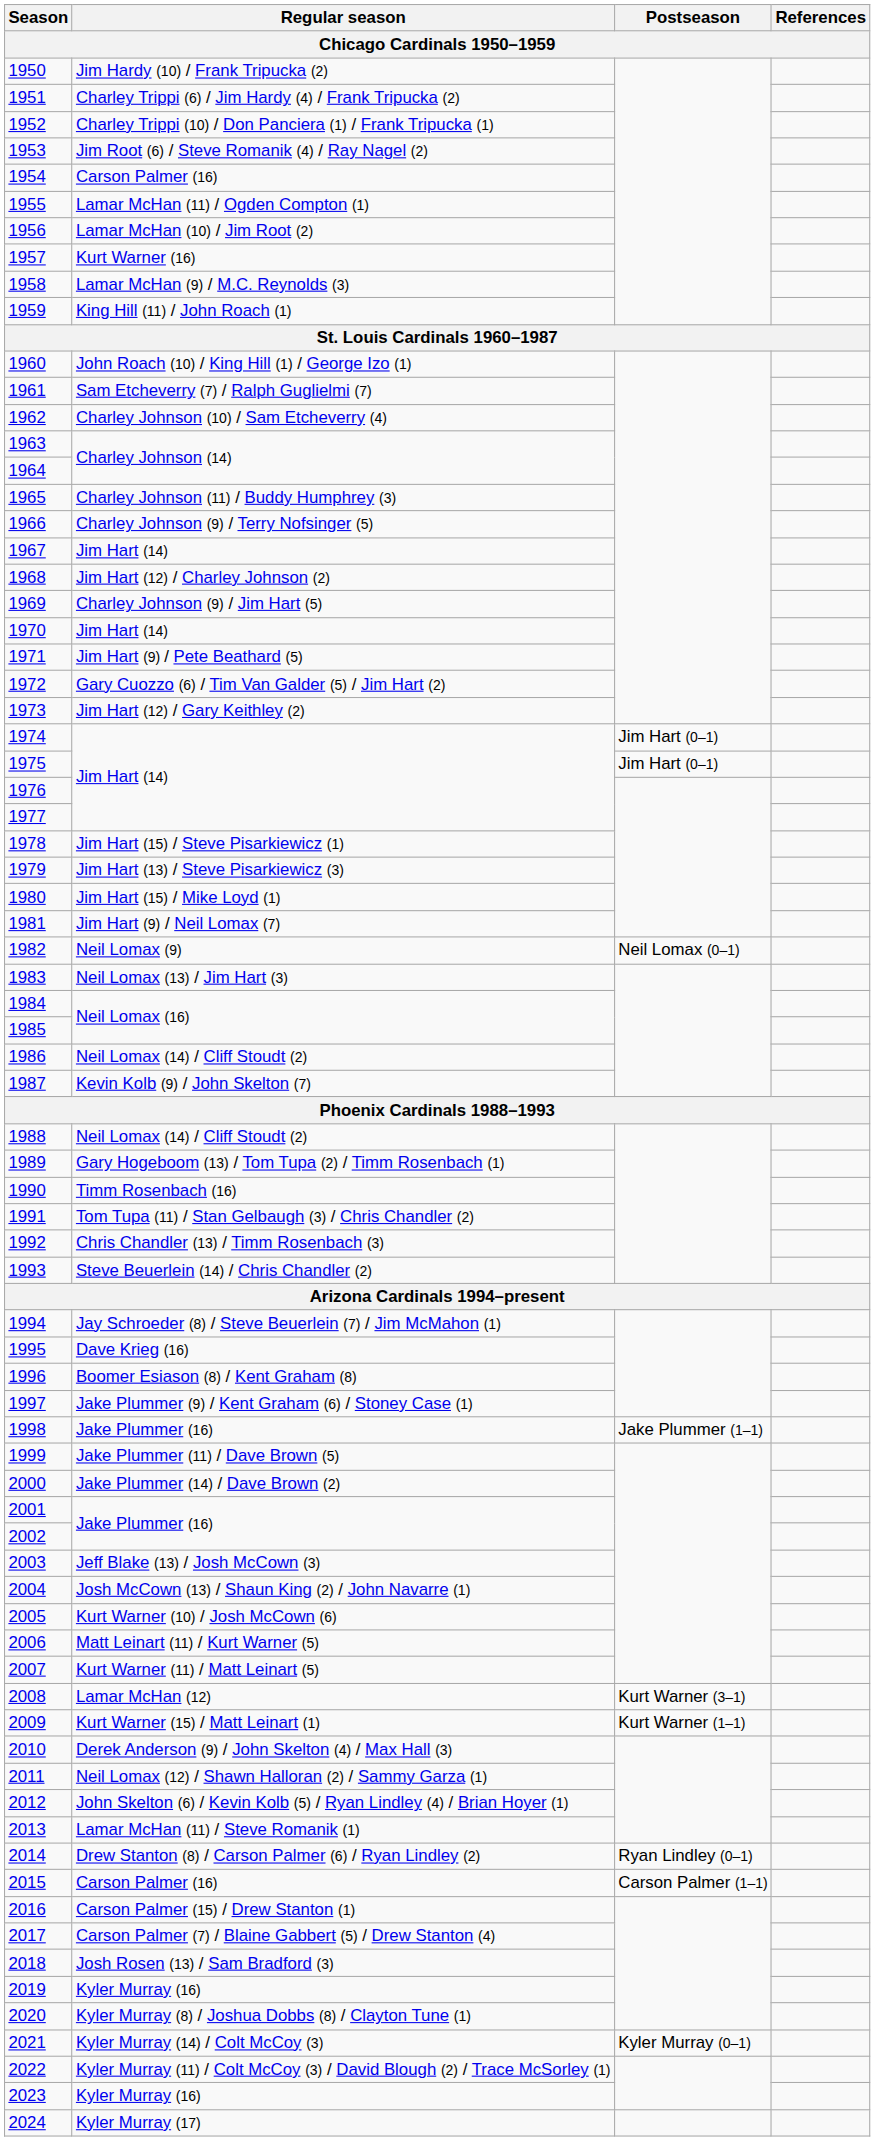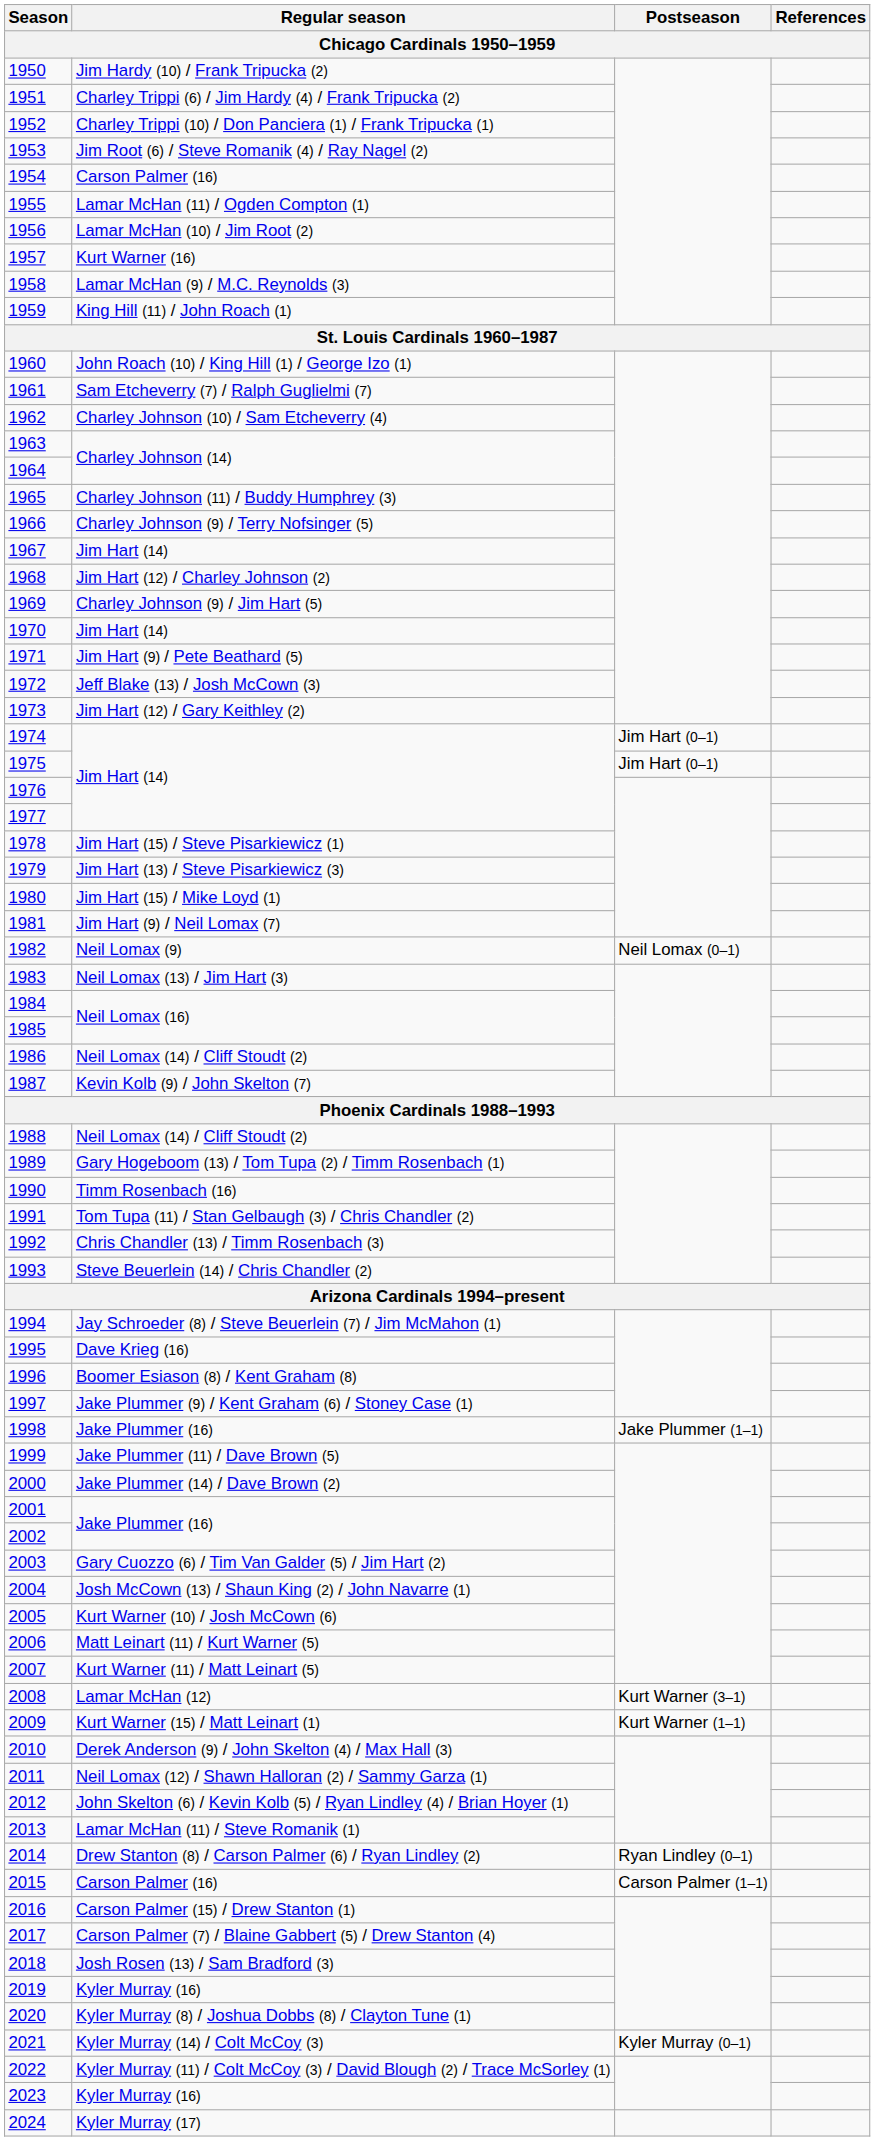 <table class="wikitable sortable">
 <tr>
 <th>Season</th>
 <th class="unsortable">Regular season</th>
 <th class="unsortable">Postseason</th>
 <th class="unsortable">References</th>
 </tr>
 <tr>
 <th colspan="5">Chicago Cardinals 1950–1959</th>
 </tr>
 <tr>
 <td align=left><a href='#'>1950</a></td>
 <td align=left><a href='#'>Jim Hardy</a> <small>(10)</small> / <a href='#'>Frank Tripucka</a> <small>(2)</small></td>
 <td rowspan="10"></td>
 <td align="center"></td>
 </tr>
 <tr>
 <td align=left><a href='#'>1951</a></td>
 <td align=left><a href='#'>Charley Trippi</a> <small>(6)</small> / <a href='#'>Jim Hardy</a> <small>(4)</small> / <a href='#'>Frank Tripucka</a> <small>(2)</small></td>
 <td align="center"></td>
 </tr>
 <tr>
 <td align=left><a href='#'>1952</a></td>
 <td align=left><a href='#'>Charley Trippi</a> <small>(10)</small> / <a href='#'>Don Panciera</a> <small>(1)</small> / <a href='#'>Frank Tripucka</a> <small>(1)</small></td>
 <td align="center"></td>
 </tr>
 <tr>
 <td align=left><a href='#'>1953</a></td>
 <td align=left><a href='#'>Jim Root</a> <small>(6)</small> / <a href='#'>Steve Romanik</a> <small>(4)</small> / <a href='#'>Ray Nagel</a> <small>(2)</small></td>
 <td align="center"></td>
 </tr>
 <tr>
 <td align=left><a href='#'>1954</a></td>
 <td align=left><a href='#'>Carson Palmer</a> <small>(16)</small></td>
 <td align="center"></td>
 </tr>
 <tr>
 <td align=left><a href='#'>1955</a></td>
 <td align=left><a href='#'>Lamar McHan</a> <small>(11)</small> / <a href='#'>Ogden Compton</a> <small>(1)</small></td>
 <td align="center"></td>
 </tr>
 <tr>
 <td align=left><a href='#'>1956</a></td>
 <td align=left><a href='#'>Lamar McHan</a> <small>(10)</small> / <a href='#'>Jim Root</a> <small>(2)</small></td>
 <td align="center"></td>
 </tr>
 <tr>
 <td align=left><a href='#'>1957</a></td>
 <td align=left><a href='#'>Kurt Warner</a> <small>(16)</small></td>
 <td align="center"></td>
 </tr>
 <tr>
 <td align=left><a href='#'>1958</a></td>
 <td align=left><a href='#'>Lamar McHan</a> <small>(9)</small> / <a href='#'>M.C. Reynolds</a> <small>(3)</small></td>
 <td align="center"></td>
 </tr>
 <tr>
 <td align=left><a href='#'>1959</a></td>
 <td align=left><a href='#'>King Hill</a> <small>(11)</small> / <a href='#'>John Roach</a> <small>(1)</small></td>
 <td align="center"></td>
 </tr>
 <tr>
 <th colspan="5">St. Louis Cardinals 1960–1987</th>
 </tr>
 <tr>
 <td align=left><a href='#'>1960</a></td>
 <td align=left><a href='#'>John Roach</a> <small>(10)</small> / <a href='#'>King Hill</a> <small>(1)</small> / <a href='#'>George Izo</a> <small>(1)</small></td>
 <td rowspan="14"></td>
 <td align="center"></td>
 </tr>
 <tr>
 <td align=left><a href='#'>1961</a></td>
 <td align=left><a href='#'>Sam Etcheverry</a> <small>(7)</small> / <a href='#'>Ralph Guglielmi</a> <small>(7)</small></td>
 <td align="center"></td>
 </tr>
 <tr>
 <td align=left><a href='#'>1962</a></td>
 <td align=left><a href='#'>Charley Johnson</a> <small>(10)</small> / <a href='#'>Sam Etcheverry</a> <small>(4)</small></td>
 <td align="center"></td>
 </tr>
 <tr>
 <td align=left><a href='#'>1963</a></td>
 <td rowspan="2" align="left"><a href='#'>Charley Johnson</a> <small>(14)</small></td>
 <td align="center"></td>
 </tr>
 <tr>
 <td align=left><a href='#'>1964</a></td>
 <td align="center"></td>
 </tr>
 <tr>
 <td align=left><a href='#'>1965</a></td>
 <td align=left><a href='#'>Charley Johnson</a> <small>(11)</small> / <a href='#'>Buddy Humphrey</a> <small>(3)</small></td>
 <td align="center"></td>
 </tr>
 <tr>
 <td align=left><a href='#'>1966</a></td>
 <td align=left><a href='#'>Charley Johnson</a> <small>(9)</small> / <a href='#'>Terry Nofsinger</a> <small>(5)</small></td>
 <td align="center"></td>
 </tr>
 <tr>
 <td align=left><a href='#'>1967</a></td>
 <td align=left><a href='#'>Jim Hart</a> <small>(14)</small></td>
 <td align="center"></td>
 </tr>
 <tr>
 <td align=left><a href='#'>1968</a></td>
 <td align=left><a href='#'>Jim Hart</a> <small>(12)</small> / <a href='#'>Charley Johnson</a> <small>(2)</small></td>
 <td align="center"></td>
 </tr>
 <tr>
 <td align=left><a href='#'>1969</a></td>
 <td align=left><a href='#'>Charley Johnson</a> <small>(9)</small> / <a href='#'>Jim Hart</a> <small>(5)</small></td>
 <td align="center"></td>
 </tr>
 <tr>
 <td align=left><a href='#'>1970</a></td>
 <td align=left><a href='#'>Jim Hart</a> <small>(14)</small></td>
 <td align="center"></td>
 </tr>
 <tr>
 <td align=left><a href='#'>1971</a></td>
 <td align=left><a href='#'>Jim Hart</a> <small>(9) </small> / <a href='#'>Pete Beathard</a> <small>(5)</small></td>
 <td align="center"></td>
 </tr>
 <tr>
 <td align=left><a href='#'>1972</a></td>
-<td align=left><a href='#'>Gary Cuozzo</a> <small>(6)</small> / <a href='#'>Tim Van Galder</a> <small>(5)</small> / <a href='#'>Jim Hart</a> <small>(2)</small></td>
+<td align=left><a href='#'>Jeff Blake</a> <small>(13)</small> / <a href='#'>Josh McCown</a> <small>(3)</small></td>
 <td align="center"></td>
 </tr>
 <tr>
 <td align=left><a href='#'>1973</a></td>
 <td align=left><a href='#'>Jim Hart</a> <small>(12)</small> / <a href='#'>Gary Keithley</a> <small>(2)</small></td>
 <td align="center"></td>
 </tr>
 <tr>
 <td align=left><a href='#'>1974</a></td>
 <td rowspan="4" align="left"><a href='#'>Jim Hart</a> <small>(14)</small></td>
 <td>Jim Hart <small>(0–1)</small></td>
 <td align="center"></td>
 </tr>
 <tr>
 <td align=left><a href='#'>1975</a></td>
 <td>Jim Hart <small>(0–1)</small></td>
 <td align="center"></td>
 </tr>
 <tr>
 <td align=left><a href='#'>1976</a></td>
 <td rowspan="6"></td>
 <td align="center"></td>
 </tr>
 <tr>
 <td align=left><a href='#'>1977</a></td>
 <td align="center"></td>
 </tr>
 <tr>
 <td align=left><a href='#'>1978</a></td>
 <td align=left><a href='#'>Jim Hart</a> <small>(15)</small> / <a href='#'>Steve Pisarkiewicz</a> <small>(1)</small></td>
 <td align="center"></td>
 </tr>
 <tr>
 <td align=left><a href='#'>1979</a></td>
 <td align=left><a href='#'>Jim Hart</a> <small>(13)</small> / <a href='#'>Steve Pisarkiewicz</a> <small>(3)</small></td>
 <td align="center"></td>
 </tr>
 <tr>
 <td align=left><a href='#'>1980</a></td>
 <td align=left><a href='#'>Jim Hart</a> <small>(15)</small> / <a href='#'>Mike Loyd</a> <small>(1)</small></td>
 <td align="center"></td>
 </tr>
 <tr>
 <td align=left><a href='#'>1981</a></td>
 <td align=left><a href='#'>Jim Hart</a> <small>(9)</small> / <a href='#'>Neil Lomax</a> <small>(7)</small></td>
 <td align="center"></td>
 </tr>
 <tr>
 <td align=left><a href='#'>1982</a></td>
 <td align=left><a href='#'>Neil Lomax</a> <small>(9)</small></td>
 <td>Neil Lomax <small>(0–1)</small></td>
 <td align="center"></td>
 </tr>
 <tr>
 <td align=left><a href='#'>1983</a></td>
 <td align=left><a href='#'>Neil Lomax</a> <small>(13)</small> / <a href='#'>Jim Hart</a> <small>(3)</small></td>
 <td rowspan="5"></td>
 <td align="center"></td>
 </tr>
 <tr>
 <td align=left><a href='#'>1984</a></td>
 <td rowspan="2" align="left"><a href='#'>Neil Lomax</a> <small>(16)</small></td>
 <td align="center"></td>
 </tr>
 <tr>
 <td align=left><a href='#'>1985</a></td>
 <td align="center"></td>
 </tr>
 <tr>
 <td align=left><a href='#'>1986</a></td>
 <td align=left><a href='#'>Neil Lomax</a> <small>(14)</small> / <a href='#'>Cliff Stoudt</a> <small>(2)</small></td>
 <td align="center"></td>
 </tr>
 <tr>
 <td align=left><a href='#'>1987</a></td>
 <td align=left><a href='#'>Kevin Kolb</a> <small>(9)</small> / <a href='#'>John Skelton</a> <small>(7)</small></td>
 <td align="center"></td>
 </tr>
 <tr>
 <th colspan="5">Phoenix Cardinals 1988–1993</th>
 </tr>
 <tr>
 <td align=left><a href='#'>1988</a></td>
 <td align=left><a href='#'>Neil Lomax</a> <small>(14)</small> / <a href='#'>Cliff Stoudt</a> <small>(2)</small></td>
 <td rowspan="6"></td>
 <td align="center"></td>
 </tr>
 <tr>
 <td align=left><a href='#'>1989</a></td>
 <td align=left><a href='#'>Gary Hogeboom</a> <small>(13)</small> / <a href='#'>Tom Tupa</a> <small>(2)</small> / <a href='#'>Timm Rosenbach</a> <small>(1)</small></td>
 <td align="center"></td>
 </tr>
 <tr>
 <td align=left><a href='#'>1990</a></td>
 <td align=left><a href='#'>Timm Rosenbach</a> <small>(16)</small></td>
 <td align="center"></td>
 </tr>
 <tr>
 <td align=left><a href='#'>1991</a></td>
 <td align=left><a href='#'>Tom Tupa</a> <small>(11)</small> / <a href='#'>Stan Gelbaugh</a> <small>(3)</small> / <a href='#'>Chris Chandler</a> <small>(2)</small></td>
 <td align="center"></td>
 </tr>
 <tr>
 <td align=left><a href='#'>1992</a></td>
 <td align=left><a href='#'>Chris Chandler</a> <small>(13)</small> / <a href='#'>Timm Rosenbach</a> <small>(3)</small></td>
 <td align="center"></td>
 </tr>
 <tr>
 <td align=left><a href='#'>1993</a></td>
 <td align=left><a href='#'>Steve Beuerlein</a> <small>(14)</small> / <a href='#'>Chris Chandler</a> <small>(2)</small></td>
 <td align="center"></td>
 </tr>
 <tr>
 <th colspan="5">Arizona Cardinals 1994–present</th>
 </tr>
 <tr>
 <td align=left><a href='#'>1994</a></td>
 <td align=left><a href='#'>Jay Schroeder</a> <small>(8)</small> / <a href='#'>Steve Beuerlein</a> <small>(7)</small> / <a href='#'>Jim McMahon</a> <small>(1)</small></td>
 <td rowspan="4"></td>
 <td align="center"></td>
 </tr>
 <tr>
 <td align=left><a href='#'>1995</a></td>
 <td align=left><a href='#'>Dave Krieg</a> <small>(16)</small></td>
 <td align="center"></td>
 </tr>
 <tr>
 <td align=left><a href='#'>1996</a></td>
 <td align=left><a href='#'>Boomer Esiason</a> <small>(8)</small> / <a href='#'>Kent Graham</a> <small> (8)</small></td>
 <td align="center"></td>
 </tr>
 <tr>
 <td align=left><a href='#'>1997</a></td>
 <td align=left><a href='#'>Jake Plummer</a> <small>(9)</small> / <a href='#'>Kent Graham</a> <small>(6)</small> / <a href='#'>Stoney Case</a> <small>(1)</small></td>
 <td align="center"></td>
 </tr>
 <tr>
 <td align=left><a href='#'>1998</a></td>
 <td align=left><a href='#'>Jake Plummer</a> <small>(16)</small></td>
 <td>Jake Plummer <small>(1–1)</small></td>
 <td align="center"></td>
 </tr>
 <tr>
 <td align=left><a href='#'>1999</a></td>
 <td align=left><a href='#'>Jake Plummer</a> <small>(11)</small> / <a href='#'>Dave Brown</a> <small>(5)</small></td>
 <td rowspan="9"></td>
 <td align="center"></td>
 </tr>
 <tr>
 <td align=left><a href='#'>2000</a></td>
 <td align=left><a href='#'>Jake Plummer</a> <small>(14)</small> / <a href='#'>Dave Brown</a> <small>(2)</small></td>
 <td align="center"></td>
 </tr>
 <tr>
 <td align=left><a href='#'>2001</a></td>
 <td rowspan="2" align="left"><a href='#'>Jake Plummer</a> <small>(16)</small></td>
 <td align="center"></td>
 </tr>
 <tr>
 <td align=left><a href='#'>2002</a></td>
 <td align="center"></td>
 </tr>
 <tr>
 <td align=left><a href='#'>2003</a></td>
-<td align=left><a href='#'>Jeff Blake</a> <small>(13)</small> / <a href='#'>Josh McCown</a> <small>(3)</small></td>
+<td align=left><a href='#'>Gary Cuozzo</a> <small>(6)</small> / <a href='#'>Tim Van Galder</a> <small>(5)</small> / <a href='#'>Jim Hart</a> <small>(2)</small></td>
 <td align="center"></td>
 </tr>
 <tr>
 <td align=left><a href='#'>2004</a></td>
 <td align=left><a href='#'>Josh McCown</a> <small>(13)</small> / <a href='#'>Shaun King</a> <small>(2)</small> / <a href='#'>John Navarre</a> <small>(1)</small></td>
 <td align="center"></td>
 </tr>
 <tr>
 <td align=left><a href='#'>2005</a></td>
 <td align=left><a href='#'>Kurt Warner</a> <small>(10)</small> / <a href='#'>Josh McCown</a> <small>(6)</small></td>
 <td align="center"></td>
 </tr>
 <tr>
 <td align=left><a href='#'>2006</a></td>
 <td align=left><a href='#'>Matt Leinart</a> <small>(11)</small> / <a href='#'>Kurt Warner</a> <small>(5)</small></td>
 <td align="center"></td>
 </tr>
 <tr>
 <td align=left><a href='#'>2007</a></td>
 <td align=left><a href='#'>Kurt Warner</a> <small>(11)</small> / <a href='#'>Matt Leinart</a> <small>(5)</small></td>
 <td align="center"></td>
 </tr>
 <tr>
 <td align=left><a href='#'>2008</a></td>
 <td align=left><a href='#'>Lamar McHan</a> <small>(12)</small></td>
 <td>Kurt Warner <small>(3–1)</small></td>
 <td align="center"></td>
 </tr>
 <tr>
 <td align=left><a href='#'>2009</a></td>
 <td align=left><a href='#'>Kurt Warner</a> <small>(15)</small> / <a href='#'>Matt Leinart</a> <small>(1)</small></td>
 <td>Kurt Warner <small>(1–1)</small></td>
 <td align="center"></td>
 </tr>
 <tr>
 <td align=left><a href='#'>2010</a></td>
 <td align=left><a href='#'>Derek Anderson</a> <small>(9)</small> / <a href='#'>John Skelton</a> <small>(4)</small> / <a href='#'>Max Hall</a> <small>(3)</small></td>
 <td rowspan="4"></td>
 <td align="center"></td>
 </tr>
 <tr>
 <td align=left><a href='#'>2011</a></td>
 <td align=left><a href='#'>Neil Lomax</a> <small>(12)</small> / <a href='#'>Shawn Halloran</a> <small>(2)</small> / <a href='#'>Sammy Garza</a> <small>(1)</small></td>
 <td align="center"></td>
 </tr>
 <tr>
 <td align=left><a href='#'>2012</a></td>
 <td align=left><a href='#'>John Skelton</a> <small>(6)</small> / <a href='#'>Kevin Kolb</a> <small>(5)</small> / <a href='#'>Ryan Lindley</a> <small>(4)</small> / <a href='#'>Brian Hoyer</a> <small>(1)</small></td>
 <td align="center"></td>
 </tr>
 <tr>
 <td align=left><a href='#'>2013</a></td>
 <td align=left><a href='#'>Lamar McHan</a> <small>(11)</small> / <a href='#'>Steve Romanik</a> <small>(1)</small></td>
 <td></td>
 </tr>
 <tr>
 <td align=left><a href='#'>2014</a></td>
 <td align=left><a href='#'>Drew Stanton</a> <small>(8)</small> / <a href='#'>Carson Palmer</a> <small>(6)</small> / <a href='#'>Ryan Lindley</a> <small>(2)</small></td>
 <td>Ryan Lindley <small>(0–1)</small></td>
 <td align="center"></td>
 </tr>
 <tr>
 <td align=left><a href='#'>2015</a></td>
 <td align=left><a href='#'>Carson Palmer</a> <small>(16)</small></td>
 <td>Carson Palmer <small>(1–1)</small></td>
 <td></td>
 </tr>
 <tr>
 <td align=left><a href='#'>2016</a></td>
 <td align=left><a href='#'>Carson Palmer</a> <small>(15)</small> / <a href='#'>Drew Stanton</a> <small>(1)</small></td>
 <td rowspan="5"></td>
 <td></td>
 </tr>
 <tr>
 <td align=left><a href='#'>2017</a></td>
 <td align=left><a href='#'>Carson Palmer</a> <small>(7)</small> / <a href='#'>Blaine Gabbert</a> <small>(5)</small> / <a href='#'>Drew Stanton</a> <small>(4)</small></td>
 <td></td>
 </tr>
 <tr>
 <td align=left><a href='#'>2018</a></td>
 <td align=left><a href='#'>Josh Rosen</a> <small>(13)</small> / <a href='#'>Sam Bradford</a> <small>(3)</small></td>
 <td></td>
 </tr>
 <tr>
 <td align=left><a href='#'>2019</a></td>
 <td align=left><a href='#'>Kyler Murray</a> <small>(16) </small></td>
 <td></td>
 </tr>
 <tr>
 <td align=left><a href='#'>2020</a></td>
 <td><a href='#'>Kyler Murray</a> <small>(8)</small> /  <a href='#'>Joshua Dobbs</a>  <small>(8)</small> / <a href='#'>Clayton Tune</a> <small>(1)</small></td>
 <td></td>
 </tr>
 <tr>
 <td><a href='#'>2021</a></td>
 <td><a href='#'>Kyler Murray</a> <small>(14)</small> / <a href='#'>Colt McCoy</a> <small>(3)</small></td>
 <td>Kyler Murray <small>(0–1)</small></td>
 <td></td>
 </tr>
 <tr>
 <td><a href='#'>2022</a></td>
 <td><a href='#'>Kyler Murray</a> <small>(11)</small> / <a href='#'>Colt McCoy</a> <small>(3)</small> / <a href='#'>David Blough</a> <small>(2)</small> /  <a href='#'>Trace McSorley</a> <small>(1)</small></td>
 <td rowspan="2"></td>
 <td></td>
 </tr>
 <tr>
 <td><a href='#'>2023</a></td>
 <td align=left><a href='#'>Kyler Murray</a> <small>(16) </small></td>
 <td></td>
 </tr>
 <tr>
 <td><a href='#'>2024</a></td>
 <td><a href='#'>Kyler Murray</a> <small>(17)</small></td>
 <td></td>
 <td></td>
 </tr>
 </table>
